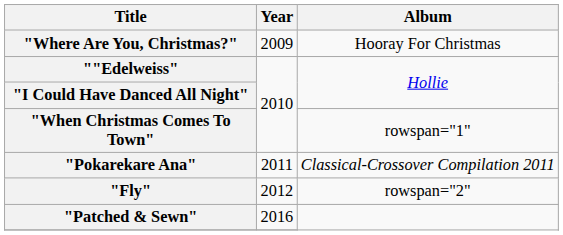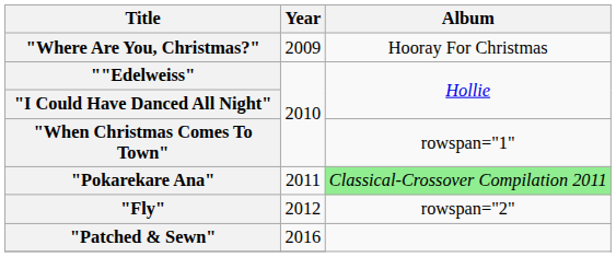 <table class="wikitable plainrowheaders" style="text-align:center;">
 <tr>
 <th scope="col" style="width:15em;">Title</th>
 <th scope="col" style="width:1em;">Year</th>
 <th scope="col">Album</th>
 </tr>
 <tr>
 <th scope="row">"Where Are You, Christmas?"</th>
 <td>2009</td>
 <td>Hooray For Christmas</td>
 </tr>
 <tr>
 <th scope="row">""Edelweiss"</th>
 <td rowspan="3">2010</td>
 <td rowspan="2"><em><a href='#'>Hollie</a></em></td>
 </tr>
 <tr>
 <th scope="row">"I Could Have Danced All Night"</th>
 </tr>
 <tr>
 <th scope="row">"When Christmas Comes To Town"</th>
 <td>rowspan="1" </td>
 </tr>
 <tr>
 <th scope="row">"Pokarekare Ana"</th>
 <td>2011</td>
-<td rowspan="1"><em>Classical-Crossover Compilation 2011</em></td>
+<td rowspan="1" style="background: lightgreen;"><em>Classical-Crossover Compilation 2011</em></td>
 </tr>
 <tr>
 <th scope="row">"Fly"</th>
 <td>2012</td>
 <td>rowspan="2" </td>
 </tr>
 <tr>
 <th scope="row">"Patched & Sewn"</th>
 <td>2016</td>
 </tr>
 <tr>
 </tr>
 </table>
